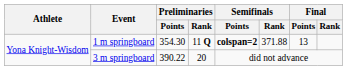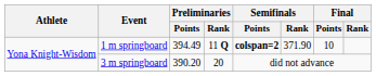 <table class=wikitable style="font-size:90%;">
 <tr>
 <th rowspan="2">Athlete</th>
 <th rowspan="2">Event</th>
 <th colspan="2">Preliminaries</th>
 <th colspan="2">Semifinals</th>
 <th colspan="2">Final</th>
 </tr>
 <tr style="font-size:95%">
 <th>Points</th>
 <th>Rank</th>
 <th>Points</th>
 <th>Rank</th>
 <th>Points</th>
 <th>Rank</th>
 </tr>
 <tr align=center>
 <td align=left rowspan=2><a href='#'>Yona Knight-Wisdom</a></td>
 <td align=left><a href='#'>1 m springboard</a></td>
-<td>354.30</td>
+<td>394.49</td>
 <td>11 <strong>Q</strong></td>
 <td><strong>colspan=2 </strong></td>
-<td>371.88</td>
-<td>13</td>
+<td>371.90</td>
+<td>10</td>
 </tr>
 <tr align=center>
 <td align=left><a href='#'>3 m springboard</a></td>
-<td>390.22</td>
+<td>390.20</td>
 <td>20</td>
 <td colspan=4>did not advance</td>
 </tr>
 </table>
